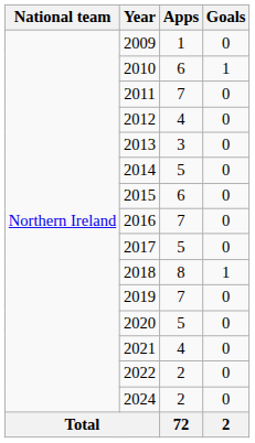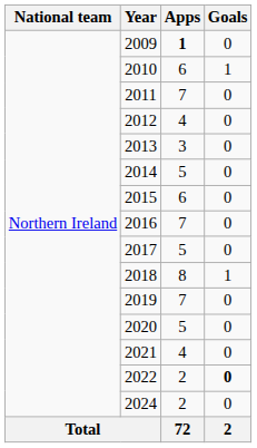 <table class=wikitable style="text-align: center;">
 <tr>
 <th>National team</th>
 <th>Year</th>
 <th>Apps</th>
 <th>Goals</th>
 </tr>
 <tr>
 <td rowspan=15><a href='#'>Northern Ireland</a></td>
 <td>2009</td>
-<td>1</td>
+<td><strong>1</strong></td>
 <td>0</td>
 </tr>
 <tr>
 <td>2010</td>
 <td>6</td>
 <td>1</td>
 </tr>
 <tr>
 <td>2011</td>
 <td>7</td>
 <td>0</td>
 </tr>
 <tr>
 <td>2012</td>
 <td>4</td>
 <td>0</td>
 </tr>
 <tr>
 <td>2013</td>
 <td>3</td>
 <td>0</td>
 </tr>
 <tr>
 <td>2014</td>
 <td>5</td>
 <td>0</td>
 </tr>
 <tr>
 <td>2015</td>
 <td>6</td>
 <td>0</td>
 </tr>
 <tr>
 <td>2016</td>
 <td>7</td>
 <td>0</td>
 </tr>
 <tr>
 <td>2017</td>
 <td>5</td>
 <td>0</td>
 </tr>
 <tr>
 <td>2018</td>
 <td>8</td>
 <td>1</td>
 </tr>
 <tr>
 <td>2019</td>
 <td>7</td>
 <td>0</td>
 </tr>
 <tr>
 <td>2020</td>
 <td>5</td>
 <td>0</td>
 </tr>
 <tr>
 <td>2021</td>
 <td>4</td>
 <td>0</td>
 </tr>
 <tr>
 <td>2022</td>
 <td>2</td>
-<td>0</td>
+<td><strong>0</strong></td>
 </tr>
 <tr>
 <td>2024</td>
 <td>2</td>
 <td>0</td>
 </tr>
 <tr>
 <th colspan=2>Total</th>
 <th>72</th>
 <th>2</th>
 </tr>
 </table>
